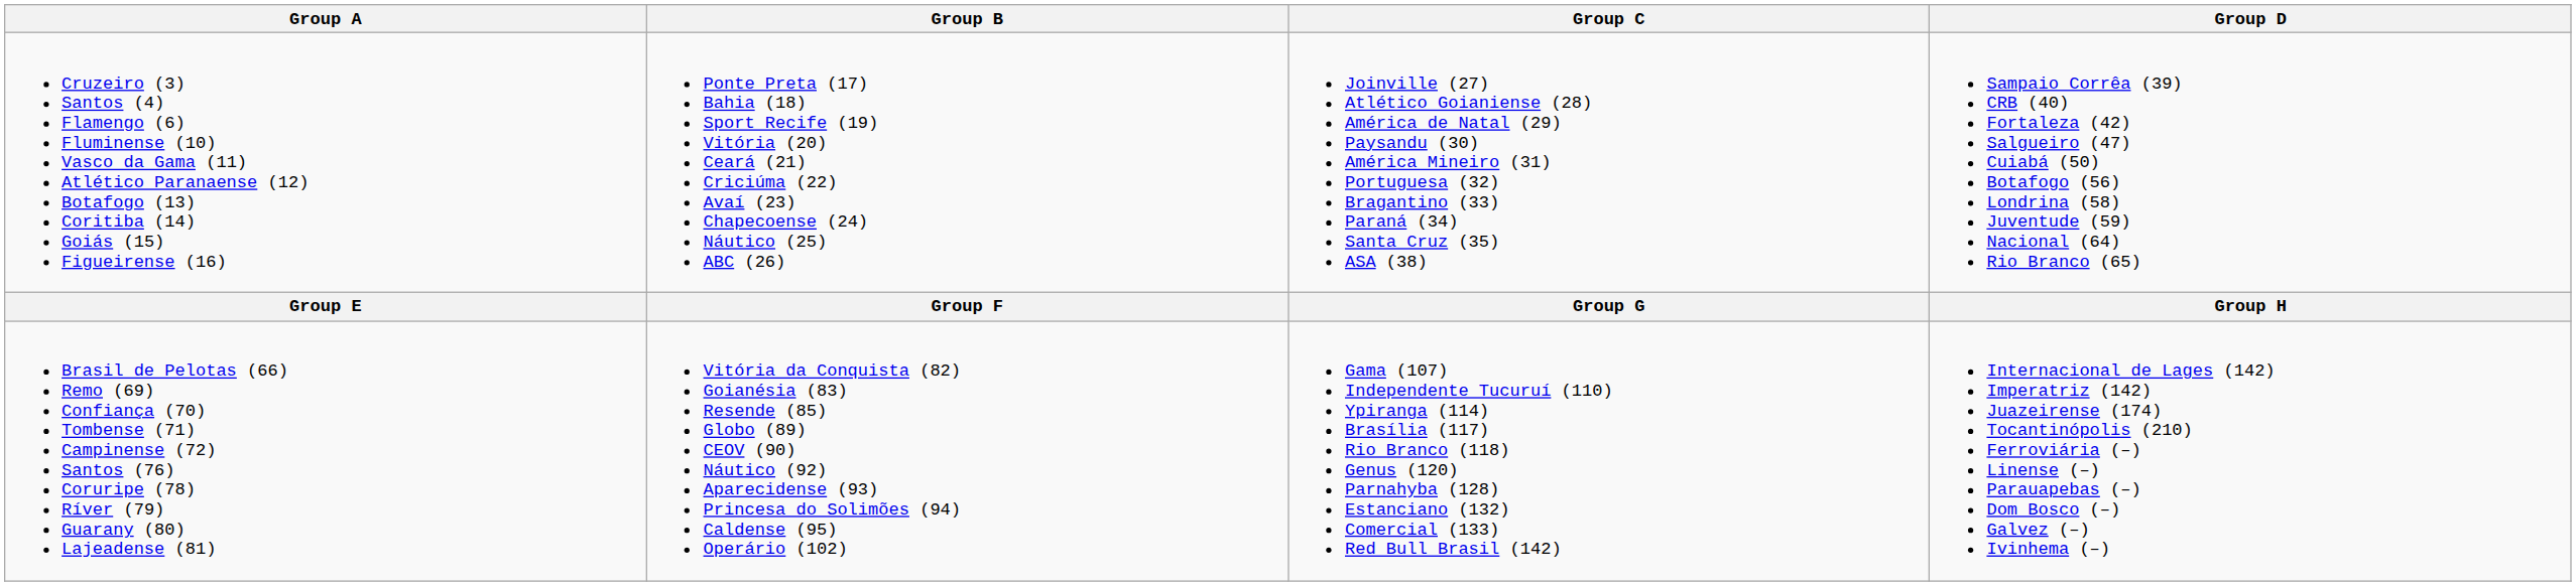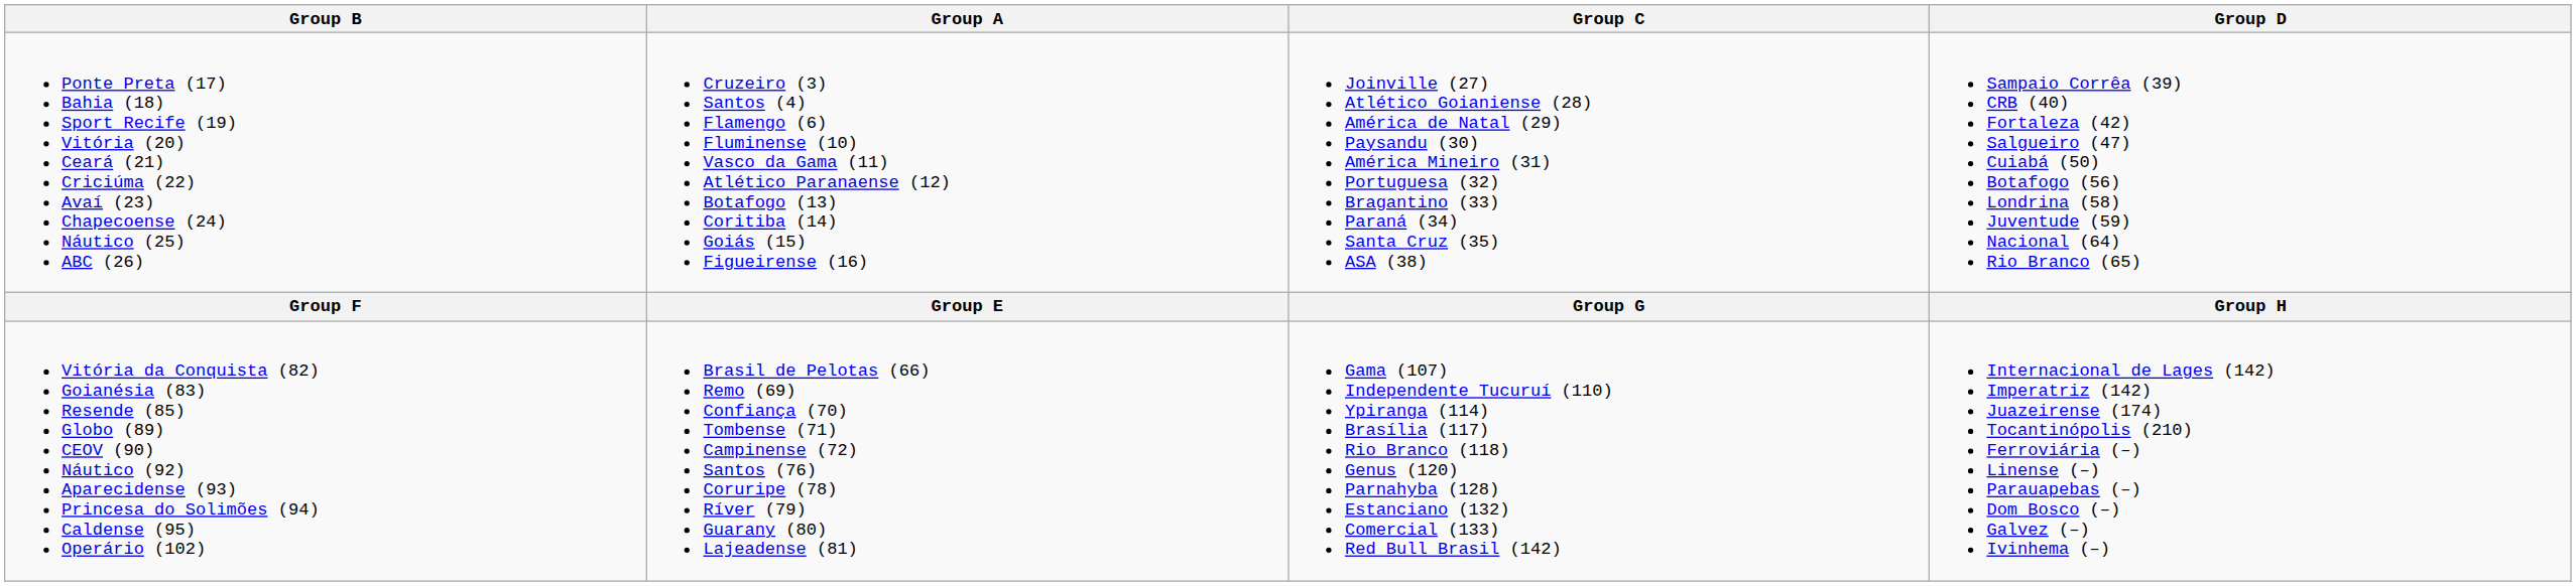 <table class="wikitable" width=98%>
 <tr>
+<th width=25%><strong>Group B</strong></th>
 <th width=25%><strong>Group A</strong></th>
-<th width=25%><strong>Group B</strong></th>
 <th width=25%><strong>Group C</strong></th>
 <th width=25%><strong>Group D</strong></th>
 </tr>
 <tr>
+<td><br><ul><li> <a href='#'>Ponte Preta</a> (17)</li><li> <a href='#'>Bahia</a> (18)</li><li> <a href='#'>Sport Recife</a> (19)</li><li> <a href='#'>Vitória</a> (20)</li><li> <a href='#'>Ceará</a> (21)</li><li> <a href='#'>Criciúma</a> (22)</li><li> <a href='#'>Avaí</a> (23)</li><li> <a href='#'>Chapecoense</a> (24)</li><li> <a href='#'>Náutico</a> (25)</li><li> <a href='#'>ABC</a> (26)</li></ul></td>
 <td><br><ul><li> <a href='#'>Cruzeiro</a> (3)</li><li> <a href='#'>Santos</a> (4)</li><li> <a href='#'>Flamengo</a> (6)</li><li> <a href='#'>Fluminense</a> (10)</li><li> <a href='#'>Vasco da Gama</a> (11)</li><li> <a href='#'>Atlético Paranaense</a> (12)</li><li> <a href='#'>Botafogo</a> (13)</li><li> <a href='#'>Coritiba</a> (14)</li><li> <a href='#'>Goiás</a> (15)</li><li> <a href='#'>Figueirense</a> (16)</li></ul></td>
-<td><br><ul><li> <a href='#'>Ponte Preta</a> (17)</li><li> <a href='#'>Bahia</a> (18)</li><li> <a href='#'>Sport Recife</a> (19)</li><li> <a href='#'>Vitória</a> (20)</li><li> <a href='#'>Ceará</a> (21)</li><li> <a href='#'>Criciúma</a> (22)</li><li> <a href='#'>Avaí</a> (23)</li><li> <a href='#'>Chapecoense</a> (24)</li><li> <a href='#'>Náutico</a> (25)</li><li> <a href='#'>ABC</a> (26)</li></ul></td>
 <td><br><ul><li> <a href='#'>Joinville</a> (27)</li><li> <a href='#'>Atlético Goianiense</a> (28)</li><li> <a href='#'>América de Natal</a> (29)</li><li> <a href='#'>Paysandu</a> (30)</li><li> <a href='#'>América Mineiro</a> (31)</li><li> <a href='#'>Portuguesa</a> (32)</li><li> <a href='#'>Bragantino</a> (33)</li><li> <a href='#'>Paraná</a> (34)</li><li> <a href='#'>Santa Cruz</a> (35)</li><li> <a href='#'>ASA</a> (38)</li></ul></td>
 <td><br><ul><li> <a href='#'>Sampaio Corrêa</a> (39)</li><li> <a href='#'>CRB</a> (40)</li><li> <a href='#'>Fortaleza</a> (42)</li><li> <a href='#'>Salgueiro</a> (47)</li><li> <a href='#'>Cuiabá</a> (50)</li><li> <a href='#'>Botafogo</a> (56)</li><li> <a href='#'>Londrina</a> (58)</li><li> <a href='#'>Juventude</a> (59)</li><li> <a href='#'>Nacional</a> (64)</li><li> <a href='#'>Rio Branco</a> (65)</li></ul></td>
 </tr>
 <tr>
+<th width=25%><strong>Group F</strong></th>
 <th width=25%><strong>Group E</strong></th>
-<th width=25%><strong>Group F</strong></th>
 <th width=25%><strong>Group G</strong></th>
 <th width=25%><strong>Group H</strong></th>
 </tr>
 <tr>
+<td><br><ul><li> <a href='#'>Vitória da Conquista</a> (82)</li><li> <a href='#'>Goianésia</a> (83)</li><li> <a href='#'>Resende</a> (85)</li><li> <a href='#'>Globo</a> (89)</li><li> <a href='#'>CEOV</a> (90)</li><li> <a href='#'>Náutico</a> (92)</li><li> <a href='#'>Aparecidense</a> (93)</li><li> <a href='#'>Princesa do Solimões</a> (94)</li><li> <a href='#'>Caldense</a> (95)</li><li> <a href='#'>Operário</a> (102)</li></ul></td>
 <td><br><ul><li> <a href='#'>Brasil de Pelotas</a> (66)</li><li> <a href='#'>Remo</a> (69)</li><li> <a href='#'>Confiança</a> (70)</li><li> <a href='#'>Tombense</a> (71)</li><li> <a href='#'>Campinense</a> (72)</li><li> <a href='#'>Santos</a> (76)</li><li> <a href='#'>Coruripe</a> (78)</li><li> <a href='#'>Ríver</a> (79)</li><li> <a href='#'>Guarany</a> (80)</li><li> <a href='#'>Lajeadense</a> (81)</li></ul></td>
-<td><br><ul><li> <a href='#'>Vitória da Conquista</a> (82)</li><li> <a href='#'>Goianésia</a> (83)</li><li> <a href='#'>Resende</a> (85)</li><li> <a href='#'>Globo</a> (89)</li><li> <a href='#'>CEOV</a> (90)</li><li> <a href='#'>Náutico</a> (92)</li><li> <a href='#'>Aparecidense</a> (93)</li><li> <a href='#'>Princesa do Solimões</a> (94)</li><li> <a href='#'>Caldense</a> (95)</li><li> <a href='#'>Operário</a> (102)</li></ul></td>
 <td><br><ul><li> <a href='#'>Gama</a> (107)</li><li> <a href='#'>Independente Tucuruí</a> (110)</li><li> <a href='#'>Ypiranga</a> (114)</li><li> <a href='#'>Brasília</a> (117)</li><li> <a href='#'>Rio Branco</a> (118)</li><li> <a href='#'>Genus</a> (120)</li><li> <a href='#'>Parnahyba</a> (128)</li><li> <a href='#'>Estanciano</a> (132)</li><li> <a href='#'>Comercial</a> (133)</li><li> <a href='#'>Red Bull Brasil</a> (142)</li></ul></td>
 <td><br><ul><li> <a href='#'>Internacional de Lages</a> (142)</li><li> <a href='#'>Imperatriz</a> (142)</li><li> <a href='#'>Juazeirense</a> (174)</li><li> <a href='#'>Tocantinópolis</a> (210)</li><li> <a href='#'>Ferroviária</a> (–)</li><li> <a href='#'>Linense</a> (–)</li><li> <a href='#'>Parauapebas</a> (–)</li><li> <a href='#'>Dom Bosco</a> (–)</li><li> <a href='#'>Galvez</a> (–)</li><li> <a href='#'>Ivinhema</a> (–)</li></ul></td>
 </tr>
 </table>
